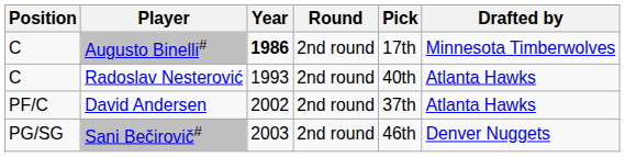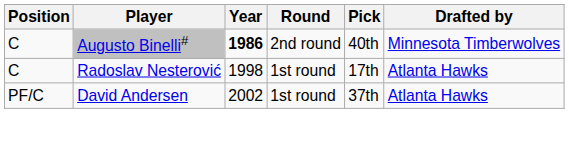 <table class="wikitable sortable" style="text-align: left;">
 <tr>
 <th>Position</th>
 <th>Player</th>
 <th>Year</th>
 <th>Round</th>
 <th>Pick</th>
 <th>Drafted by</th>
 </tr>
 <tr>
 <td>C</td>
 <td style="background:silver;"> <a href='#'>Augusto Binelli</a><sup>#</sup></td>
 <td><strong>1986</strong></td>
 <td>2nd round</td>
-<td>17th</td>
+<td>40th</td>
 <td><a href='#'>Minnesota Timberwolves</a></td>
 </tr>
 <tr>
 <td>C</td>
 <td> <a href='#'>Radoslav Nesterović</a></td>
-<td>1993</td>
-<td>2nd round</td>
-<td>40th</td>
+<td>1998</td>
+<td>1st round</td>
+<td>17th</td>
 <td><a href='#'>Atlanta Hawks</a></td>
 </tr>
 <tr>
 <td>PF/C</td>
 <td> <a href='#'>David Andersen</a></td>
 <td>2002</td>
-<td>2nd round</td>
+<td>1st round</td>
 <td>37th</td>
 <td><a href='#'>Atlanta Hawks</a></td>
 </tr>
-<tr>
-<td>PG/SG</td>
-<td style="background:silver;"> <a href='#'>Sani Bečirovič</a><sup>#</sup></td>
-<td>2003</td>
-<td>2nd round</td>
-<td>46th</td>
-<td><a href='#'>Denver Nuggets</a></td>
-</tr>
 </table>
